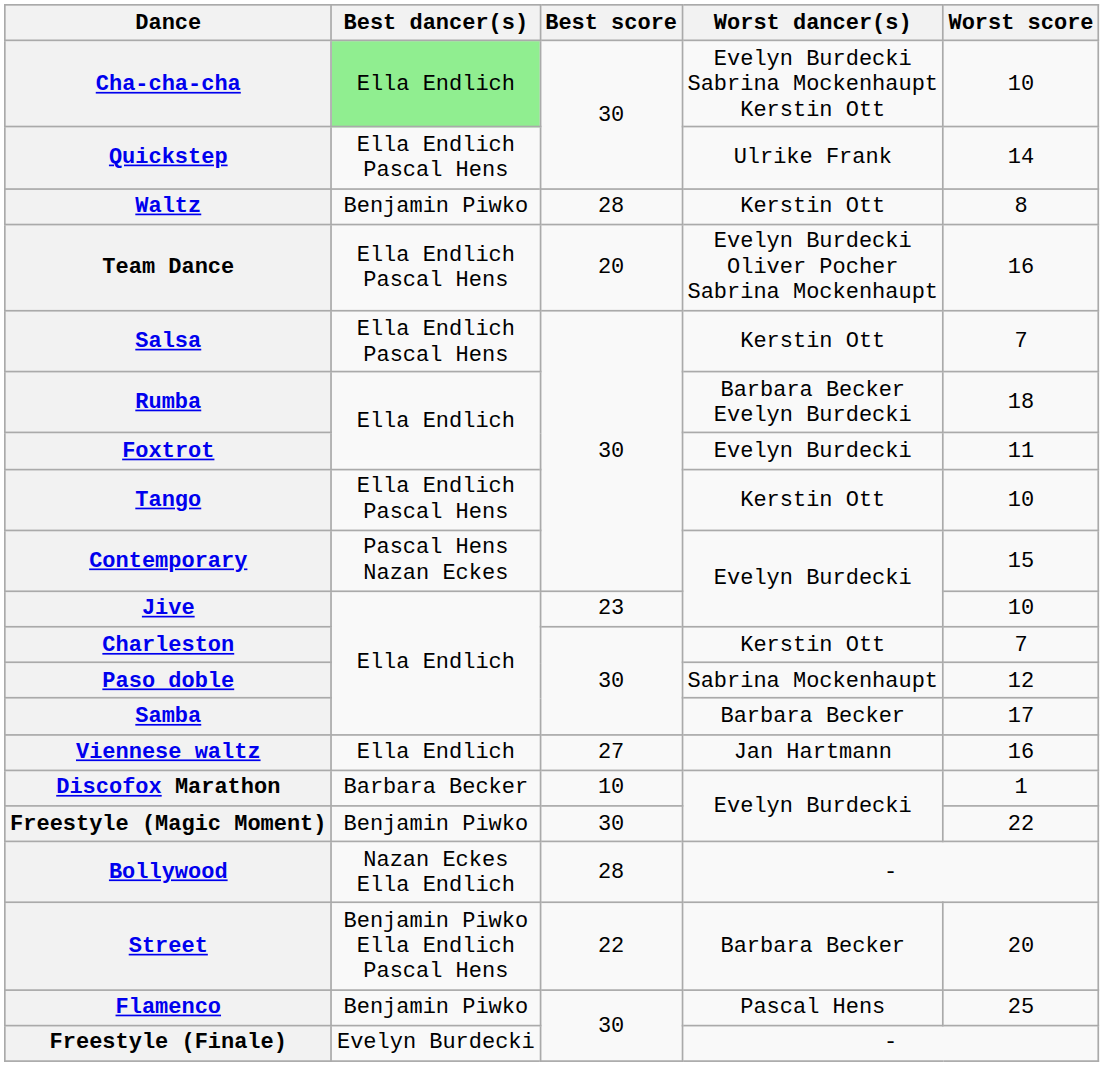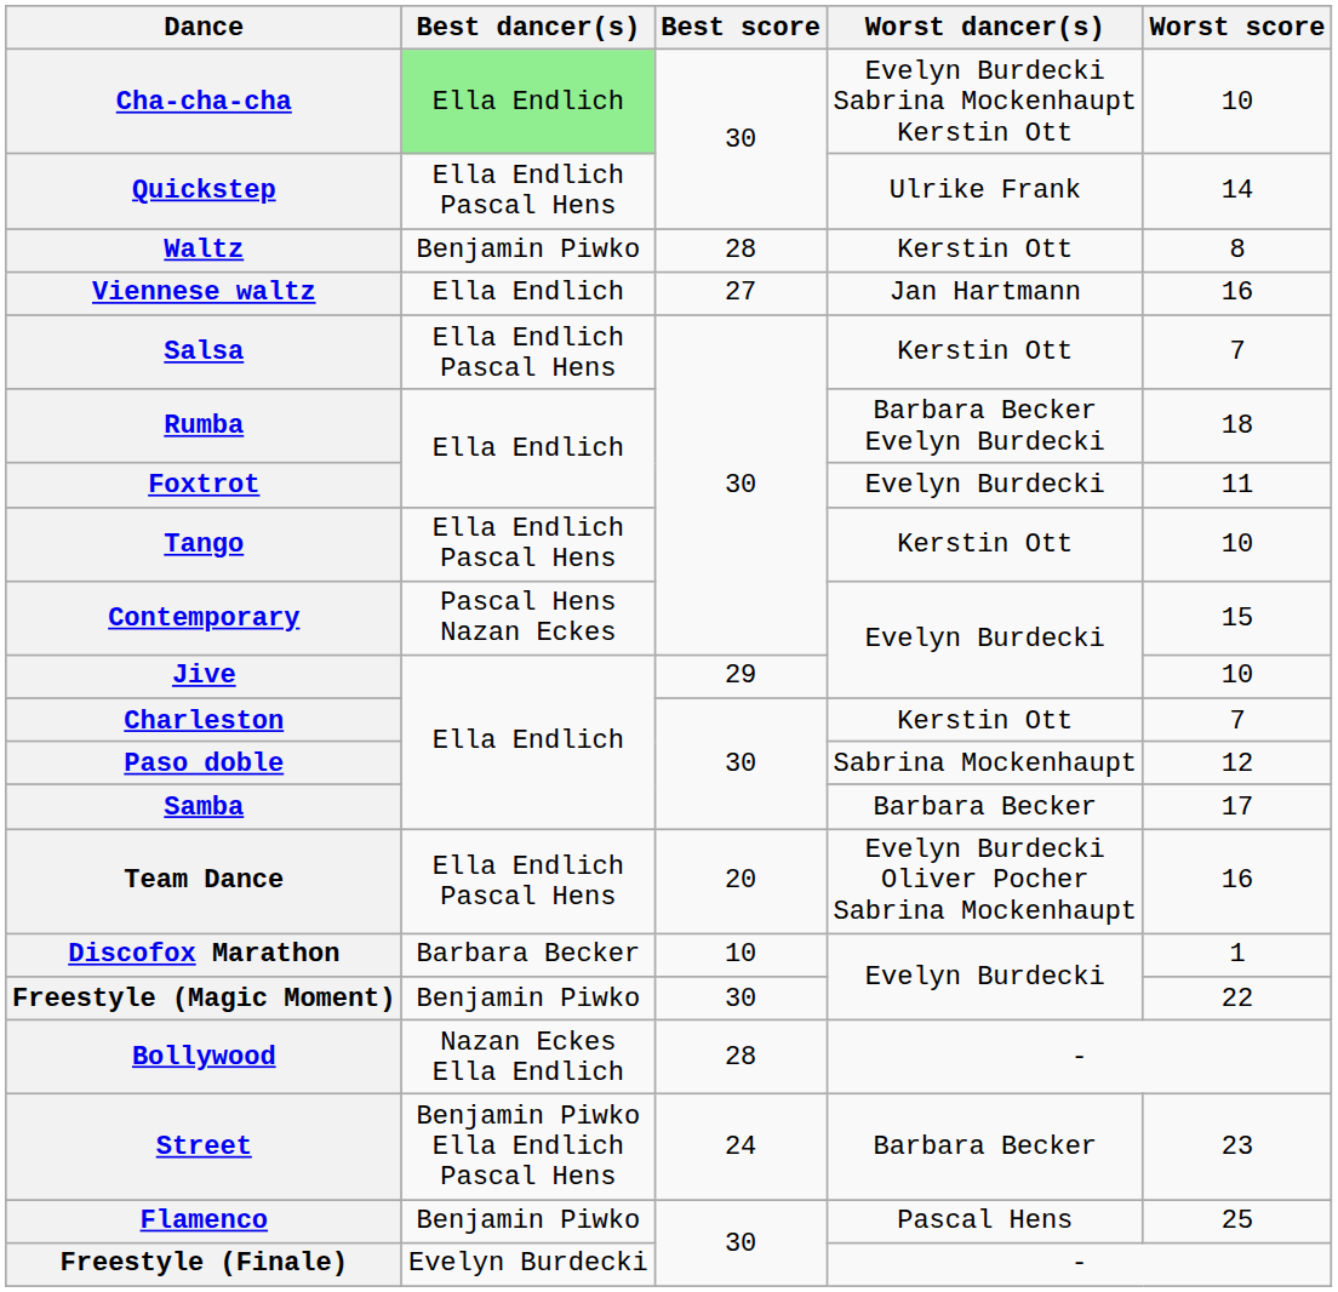 <table class="wikitable sortable" style="text-align:center;">
 <tr>
 <th>Dance</th>
 <th>Best dancer(s)</th>
 <th>Best score</th>
 <th>Worst dancer(s)</th>
 <th>Worst score</th>
 </tr>
 <tr>
 <th><a href='#'>Cha-cha-cha</a></th>
 <td style="background: lightgreen;">Ella Endlich</td>
 <td rowspan="2">30</td>
 <td>Evelyn Burdecki<br>Sabrina Mockenhaupt<br>Kerstin Ott</td>
 <td>10</td>
 </tr>
 <tr>
 <th><a href='#'>Quickstep</a></th>
 <td>Ella Endlich<br>Pascal Hens</td>
 <td>Ulrike Frank</td>
 <td>14</td>
 </tr>
 <tr>
 <th><a href='#'>Waltz</a></th>
 <td>Benjamin Piwko</td>
 <td>28</td>
 <td>Kerstin Ott</td>
 <td>8</td>
 </tr>
 <tr>
-<th>Team Dance</th>
-<td>Ella Endlich<br>Pascal Hens</td>
-<td>20</td>
-<td>Evelyn Burdecki<br>Oliver Pocher<br>Sabrina Mockenhaupt</td>
+<th><a href='#'>Viennese waltz</a></th>
+<td>Ella Endlich</td>
+<td>27</td>
+<td>Jan Hartmann</td>
 <td>16</td>
 </tr>
 <tr>
 <th><a href='#'>Salsa</a></th>
 <td>Ella Endlich<br>Pascal Hens</td>
 <td rowspan="5">30</td>
 <td>Kerstin Ott</td>
 <td>7</td>
 </tr>
 <tr>
 <th><a href='#'>Rumba</a></th>
 <td rowspan="2">Ella Endlich</td>
 <td>Barbara Becker<br>Evelyn Burdecki</td>
 <td>18</td>
 </tr>
 <tr>
 <th><a href='#'>Foxtrot</a></th>
 <td>Evelyn Burdecki</td>
 <td>11</td>
 </tr>
 <tr>
 <th><a href='#'>Tango</a></th>
 <td>Ella Endlich<br>Pascal Hens</td>
 <td>Kerstin Ott</td>
 <td>10</td>
 </tr>
 <tr>
 <th><a href='#'>Contemporary</a></th>
 <td>Pascal Hens<br>Nazan Eckes</td>
 <td rowspan="2">Evelyn Burdecki</td>
 <td>15</td>
 </tr>
 <tr>
 <th><a href='#'>Jive</a></th>
 <td rowspan="4">Ella Endlich</td>
-<td>23</td>
+<td>29</td>
 <td>10</td>
 </tr>
 <tr>
 <th><a href='#'>Charleston</a></th>
 <td rowspan="3">30</td>
 <td>Kerstin Ott</td>
 <td>7</td>
 </tr>
 <tr>
 <th><a href='#'>Paso doble</a></th>
 <td>Sabrina Mockenhaupt</td>
 <td>12</td>
 </tr>
 <tr>
 <th><a href='#'>Samba</a></th>
 <td>Barbara Becker</td>
 <td>17</td>
 </tr>
 <tr>
-<th><a href='#'>Viennese waltz</a></th>
-<td>Ella Endlich</td>
-<td>27</td>
-<td>Jan Hartmann</td>
+<th>Team Dance</th>
+<td>Ella Endlich<br>Pascal Hens</td>
+<td>20</td>
+<td>Evelyn Burdecki<br>Oliver Pocher<br>Sabrina Mockenhaupt</td>
 <td>16</td>
 </tr>
 <tr>
 <th><a href='#'>Discofox</a> Marathon</th>
 <td>Barbara Becker</td>
 <td>10</td>
 <td rowspan="2">Evelyn Burdecki</td>
 <td>1</td>
 </tr>
 <tr>
 <th>Freestyle (Magic Moment)</th>
 <td>Benjamin Piwko</td>
 <td>30</td>
 <td>22</td>
 </tr>
 <tr>
 <th><a href='#'>Bollywood</a></th>
 <td>Nazan Eckes<br>Ella Endlich</td>
 <td>28</td>
 <td colspan="2">-</td>
 </tr>
 <tr>
 <th><a href='#'>Street</a></th>
 <td>Benjamin Piwko<br>Ella Endlich<br>Pascal Hens</td>
-<td>22</td>
+<td>24</td>
 <td>Barbara Becker</td>
-<td>20</td>
+<td>23</td>
 </tr>
 <tr>
 <th><a href='#'>Flamenco</a></th>
 <td>Benjamin Piwko</td>
 <td rowspan="2">30</td>
 <td>Pascal Hens</td>
 <td>25</td>
 </tr>
 <tr>
 <th>Freestyle (Finale)</th>
 <td>Evelyn Burdecki</td>
 <td colspan="2">-</td>
 </tr>
 </table>
